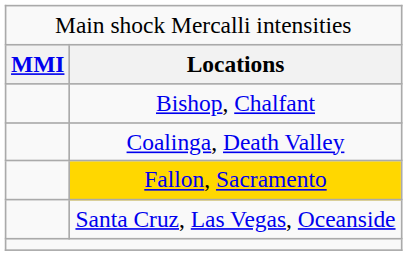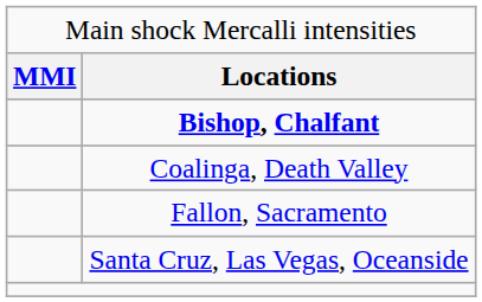 <table class="wikitable" style="float: right; text-align: center; font-size:90%;">
 <tr>
 <td colspan="2" style="text-align: center;">Main shock Mercalli intensities</td>
 </tr>
 <tr>
 <th><a href='#'>MMI</a></th>
 <th>Locations</th>
 </tr>
 <tr>
 <td></td>
-<td><a href='#'>Bishop</a>, <a href='#'>Chalfant</a></td>
+<td><strong><a href='#'>Bishop</a>, <a href='#'>Chalfant</a></strong></td>
 </tr>
 <tr>
 <td></td>
 <td><a href='#'>Coalinga</a>, <a href='#'>Death Valley</a></td>
 </tr>
 <tr>
 <td></td>
-<td style="background: gold;"><a href='#'>Fallon</a>, <a href='#'>Sacramento</a></td>
+<td><a href='#'>Fallon</a>, <a href='#'>Sacramento</a></td>
 </tr>
 <tr>
 <td></td>
 <td><a href='#'>Santa Cruz</a>, <a href='#'>Las Vegas</a>, <a href='#'>Oceanside</a></td>
 </tr>
 <tr>
 <td colspan="3" style="text-align: center;"><small></small></td>
 </tr>
 </table>
